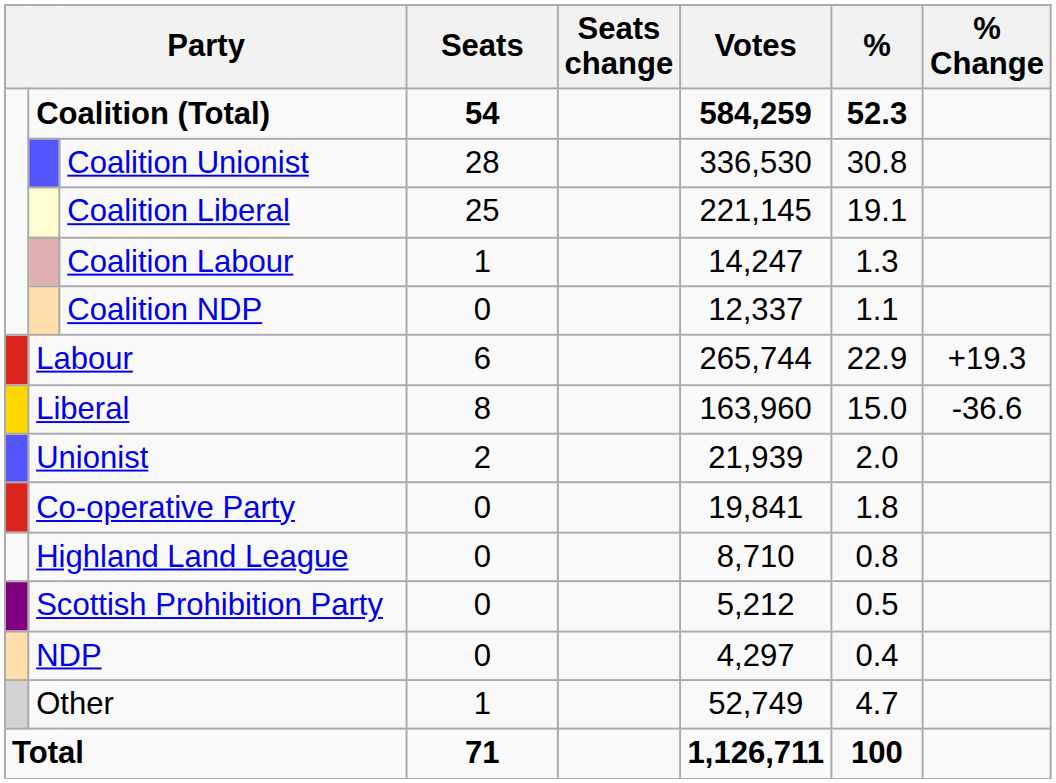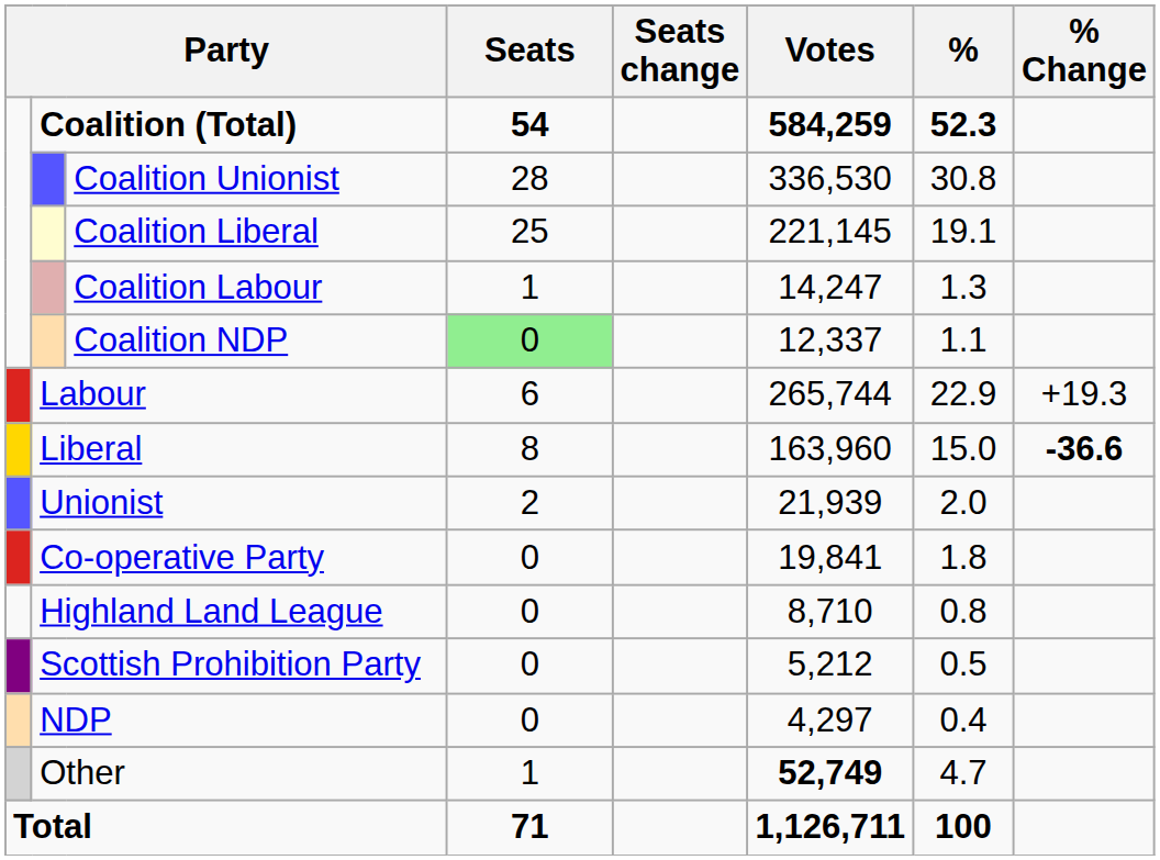 <table class="wikitable sortable">
 <tr>
 <th style="width:200px" colspan=3>Party</th>
 <th style="width:70px;">Seats</th>
 <th style="width:40px;">Seats change</th>
 <th style="width:40px;">Votes</th>
 <th style="width:40px;">%</th>
 <th style="width:40px;">% Change</th>
 </tr>
 <tr>
 <td rowspan=5> </td>
 <td colspan=2><strong>Coalition (Total)</strong></td>
 <td align=center><strong>54</strong></td>
 <td align=center></td>
 <td align=center><strong>584,259</strong></td>
 <td align=center><strong>52.3</strong></td>
 <td align=center></td>
 </tr>
 <tr>
 <td style="background-color:#5555FF"> </td>
 <td><a href='#'>Coalition Unionist</a></td>
 <td align="center">28</td>
 <td align="center"></td>
 <td align="center">336,530</td>
 <td align="center">30.8</td>
 <td align="center"></td>
 </tr>
 <tr>
 <td style="background-color:#FFFDD0"> </td>
 <td><a href='#'>Coalition Liberal</a></td>
 <td align="center">25</td>
 <td align="center"></td>
 <td align="center">221,145</td>
 <td align="center">19.1</td>
 <td align="center"></td>
 </tr>
 <tr>
 <td style="background-color:#E0AFAF"> </td>
 <td><a href='#'>Coalition Labour</a></td>
 <td align="center">1</td>
 <td align="center"></td>
 <td align="center">14,247</td>
 <td align="center">1.3</td>
 <td align="center"></td>
 </tr>
 <tr>
 <td style="background-color:#FFDEAD"> </td>
 <td><a href='#'>Coalition NDP</a></td>
-<td align="center">0</td>
+<td align="center" style="background: lightgreen;">0</td>
 <td align="center"></td>
 <td align="center">12,337</td>
 <td align="center">1.1</td>
 <td align="center"></td>
 </tr>
 <tr>
 <td style="background-color:#DC241f"> </td>
 <td colspan=2><a href='#'>Labour</a></td>
 <td align=center>6</td>
 <td align=center></td>
 <td align=center>265,744</td>
 <td align=center>22.9</td>
 <td align=center>+19.3</td>
 </tr>
 <tr>
 <td style="background-color:#FFD700"> </td>
 <td colspan=2><a href='#'>Liberal</a></td>
 <td align=center>8</td>
 <td align=center></td>
 <td align=center>163,960</td>
 <td align=center>15.0</td>
-<td align=center>-36.6</td>
+<td align=center><strong>-36.6</strong></td>
 </tr>
 <tr>
 <td style="background-color:#5555FF"> </td>
 <td colspan=2><a href='#'>Unionist</a></td>
 <td align="center">2</td>
 <td align="center"></td>
 <td align="center">21,939</td>
 <td align="center">2.0</td>
 <td align="center"></td>
 </tr>
 <tr>
 <td style="background-color:#DC241F"> </td>
 <td colspan=2><a href='#'>Co-operative Party</a></td>
 <td align=center>0</td>
 <td align=center></td>
 <td align=center>19,841</td>
 <td align=center>1.8</td>
 <td align=center></td>
 </tr>
 <tr>
 <td style="background-color:#"> </td>
 <td colspan=2><a href='#'>Highland Land League</a></td>
 <td align=center>0</td>
 <td align=center></td>
 <td align=center>8,710</td>
 <td align=center>0.8</td>
 <td align=center></td>
 </tr>
 <tr>
 <td style="background-color:#800080"> </td>
 <td colspan=2><a href='#'>Scottish Prohibition Party</a></td>
 <td align=center>0</td>
 <td align=center></td>
 <td align=center>5,212</td>
 <td align=center>0.5</td>
 <td align=center></td>
 </tr>
 <tr>
 <td style="background-color:#FFDEAD"> </td>
 <td colspan=2><a href='#'>NDP</a></td>
 <td align=center>0</td>
 <td align=center></td>
 <td align=center>4,297</td>
 <td align=center>0.4</td>
 <td align=center></td>
 </tr>
 <tr>
 <td style="background-color:#D3D3D3"> </td>
 <td colspan=2>Other</td>
 <td align="center">1</td>
 <td align="center"></td>
-<td align="center">52,749</td>
+<td align="center"><strong>52,749</strong></td>
 <td align="center">4.7</td>
 <td align="center"></td>
 </tr>
 <tr>
 <td colspan=3><strong>Total</strong></td>
 <td align=center><strong>71</strong></td>
 <td align=center></td>
 <td align=center><strong>1,126,711</strong></td>
 <td align=center><strong>100</strong></td>
 <td align=center></td>
 </tr>
 </table>
